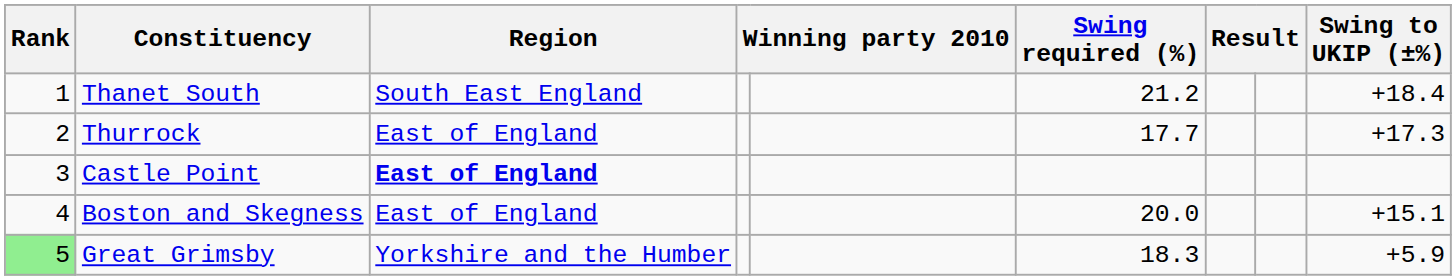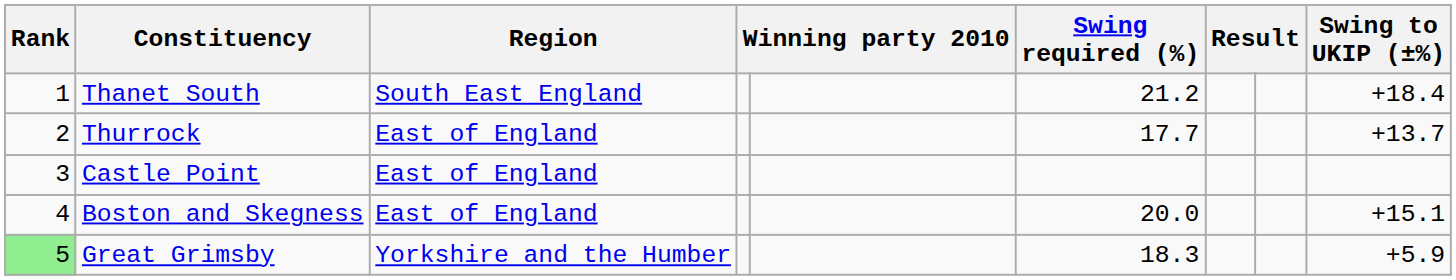 <table class="wikitable sortable">
 <tr>
 <th rowspan=1>Rank</th>
 <th rowspan=1>Constituency</th>
 <th rowspan=1>Region</th>
 <th colspan=2>Winning party 2010</th>
 <th rowspan=1><a href='#'>Swing</a><br>required (%)</th>
 <th colspan=2>Result</th>
 <th rowspan=1>Swing to<br>UKIP (±%)</th>
 </tr>
 <tr>
 <td style="text-align: right;">1</td>
 <td><a href='#'>Thanet South</a></td>
 <td><a href='#'>South East England</a></td>
 <td width="1px"></td>
 <td></td>
 <td style="text-align: right;">21.2</td>
 <td style="color:inherit;background:"></td>
 <td></td>
 <td style="text-align: right;">+18.4</td>
 </tr>
 <tr>
 <td style="text-align: right;">2</td>
 <td><a href='#'>Thurrock</a></td>
 <td><a href='#'>East of England</a></td>
 <td width="1px"></td>
 <td></td>
 <td style="text-align: right;">17.7</td>
 <td style="color:inherit;background:"></td>
 <td></td>
-<td style="text-align: right;">+17.3</td>
+<td style="text-align: right;">+13.7</td>
 </tr>
 <tr>
 <td style="text-align: right;">3</td>
 <td><a href='#'>Castle Point</a></td>
-<td><strong><a href='#'>East of England</a></strong></td>
+<td><a href='#'>East of England</a></td>
 <td width="1px"></td>
 <td></td>
 <td style="text-align: right;"></td>
 <td style="color:inherit;background:"></td>
 <td></td>
 <td style="text-align: right;"></td>
 </tr>
 <tr>
 <td style="text-align: right;">4</td>
 <td><a href='#'>Boston and Skegness</a></td>
 <td><a href='#'>East of England</a></td>
 <td width="1px"></td>
 <td></td>
 <td style="text-align: right;">20.0</td>
 <td style="color:inherit;background:"></td>
 <td></td>
 <td style="text-align: right;">+15.1</td>
 </tr>
 <tr>
 <td style="background: lightgreen; text-align: right;">5</td>
 <td><a href='#'>Great Grimsby</a></td>
 <td><a href='#'>Yorkshire and the Humber</a></td>
 <td style="color:inherit;background-color: "></td>
 <td></td>
 <td style="text-align: right;">18.3</td>
 <td style="color:inherit;background-color: "></td>
 <td></td>
 <td style="text-align: right;">+5.9</td>
 </tr>
 </table>
